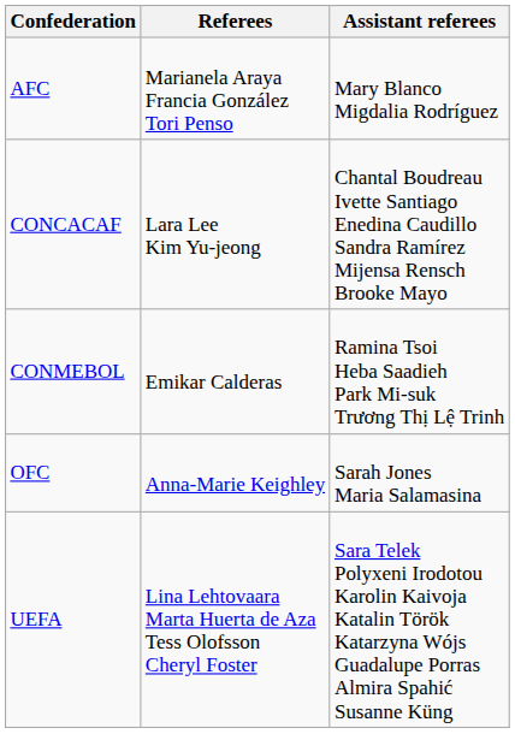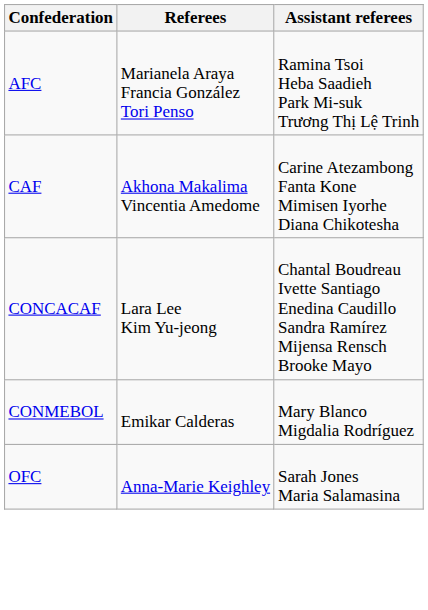 <table class="wikitable">
 <tr>
 <th>Confederation</th>
 <th>Referees</th>
 <th>Assistant referees</th>
 </tr>
 <tr>
 <td><a href='#'>AFC</a></td>
 <td><br> Marianela Araya<br>  Francia González<br>  <a href='#'>Tori Penso</a></td>
-<td><br> Mary Blanco<br>  Migdalia Rodríguez</td>
+<td><br> Ramina Tsoi<br>  Heba Saadieh<br>  Park Mi-suk<br>  Trương Thị Lệ Trinh</td>
+</tr>
+<tr>
+<td><a href='#'>CAF</a></td>
+<td><br> <a href='#'>Akhona Makalima</a><br>  Vincentia Amedome</td>
+<td><br> Carine Atezambong<br>  Fanta Kone<br>  Mimisen Iyorhe<br>  Diana Chikotesha</td>
 </tr>
 <tr>
 <td><a href='#'>CONCACAF</a></td>
 <td><br> Lara Lee<br>  Kim Yu-jeong<br></td>
 <td><br> Chantal Boudreau<br>  Ivette Santiago<br>  Enedina Caudillo<br>  Sandra Ramírez<br>  Mijensa Rensch<br>  Brooke Mayo</td>
 </tr>
 <tr>
 <td><a href='#'>CONMEBOL</a></td>
 <td><br> Emikar Calderas<br></td>
-<td><br> Ramina Tsoi<br>  Heba Saadieh<br>  Park Mi-suk<br>  Trương Thị Lệ Trinh</td>
+<td><br> Mary Blanco<br>  Migdalia Rodríguez</td>
 </tr>
 <tr>
 <td><a href='#'>OFC</a></td>
 <td><br> <a href='#'>Anna-Marie Keighley</a></td>
 <td><br> Sarah Jones<br>  Maria Salamasina</td>
 </tr>
-<tr>
-<td><a href='#'>UEFA</a></td>
-<td><br> <a href='#'>Lina Lehtovaara</a><br>  <a href='#'>Marta Huerta de Aza</a><br>  Tess Olofsson<br>  <a href='#'>Cheryl Foster</a></td>
-<td><br> <a href='#'>Sara Telek</a><br>  Polyxeni Irodotou<br>  Karolin Kaivoja<br>  Katalin Török<br>  Katarzyna Wójs<br>  Guadalupe Porras<br>  Almira Spahić<br>  Susanne Küng</td>
-</tr>
 </table>
